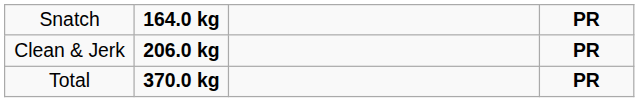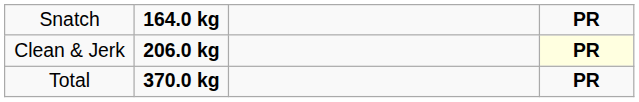 <table class = "wikitable" style="text-align:center;">
 <tr>
 <td width=100>Snatch</td>
 <td width=70><strong>164.0 kg</strong></td>
 <td width=250 align=left></td>
 <td width=70><strong>PR</strong></td>
 </tr>
 <tr>
 <td width=100>Clean & Jerk</td>
 <td width=70><strong>206.0 kg</strong></td>
 <td width=250 align=left></td>
-<td width=70><strong>PR</strong></td>
+<td width=70 style="background: lightyellow;"><strong>PR</strong></td>
 </tr>
 <tr>
 <td width=100>Total</td>
 <td width=70><strong>370.0 kg</strong></td>
 <td width=250 align=left></td>
 <td width=70><strong>PR</strong></td>
 </tr>
 </table>
